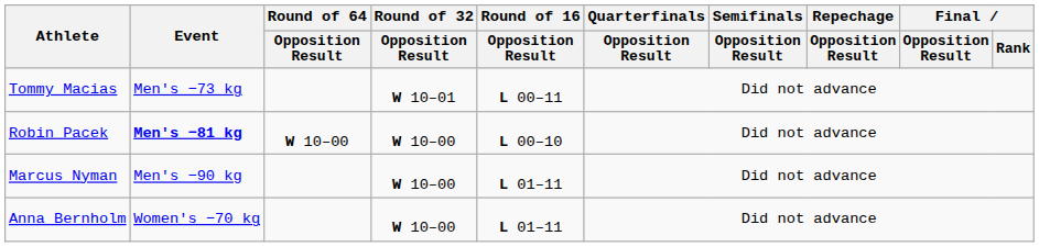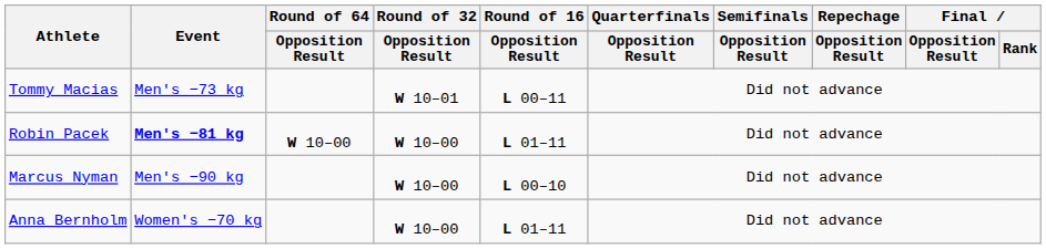 <table class="wikitable" style="font-size:90%">
 <tr>
 <th rowspan="2">Athlete</th>
 <th rowspan="2">Event</th>
 <th>Round of 64</th>
 <th>Round of 32</th>
 <th>Round of 16</th>
 <th>Quarterfinals</th>
 <th>Semifinals</th>
 <th>Repechage</th>
 <th colspan=2>Final / </th>
 </tr>
 <tr style="font-size:95%">
 <th>Opposition<br>Result</th>
 <th>Opposition<br>Result</th>
 <th>Opposition<br>Result</th>
 <th>Opposition<br>Result</th>
 <th>Opposition<br>Result</th>
 <th>Opposition<br>Result</th>
 <th>Opposition<br>Result</th>
 <th>Rank</th>
 </tr>
 <tr align=center>
 <td align=left><a href='#'>Tommy Macias</a></td>
 <td align=left><a href='#'>Men's −73 kg</a></td>
 <td></td>
 <td><br><strong>W</strong> 10–01</td>
 <td><br><strong>L</strong> 00–11</td>
 <td colspan=5>Did not advance</td>
 </tr>
 <tr align=center>
 <td align=left><a href='#'>Robin Pacek</a></td>
 <td align=left><strong><a href='#'>Men's −81 kg</a></strong></td>
 <td><br><strong>W</strong> 10–00</td>
 <td><br><strong>W</strong> 10–00</td>
-<td><br><strong>L</strong> 00–10</td>
+<td><br><strong>L</strong> 01–11</td>
 <td colspan=5>Did not advance</td>
 </tr>
 <tr align=center>
 <td align=left><a href='#'>Marcus Nyman</a></td>
 <td align=left><a href='#'>Men's −90 kg</a></td>
 <td></td>
 <td><br><strong>W</strong> 10–00</td>
-<td><br><strong>L</strong> 01–11</td>
+<td><br><strong>L</strong> 00–10</td>
 <td colspan=5>Did not advance</td>
 </tr>
 <tr align=center>
 <td align=left><a href='#'>Anna Bernholm</a></td>
 <td align=left><a href='#'>Women's −70 kg</a></td>
 <td></td>
 <td><br><strong>W</strong> 10–00</td>
 <td><br><strong>L</strong> 01–11</td>
 <td colspan=5>Did not advance</td>
 </tr>
 </table>
